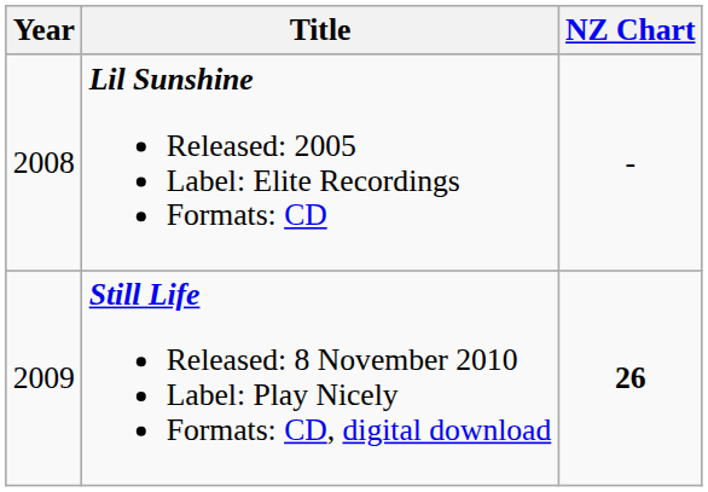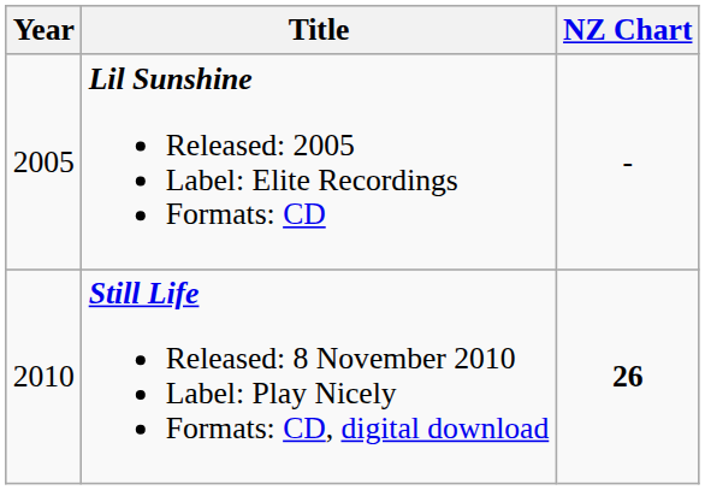 <table class="wikitable" border="1">
 <tr>
 <th>Year</th>
 <th>Title</th>
 <th><a href='#'>NZ Chart</a></th>
 </tr>
 <tr>
-<td>2008</td>
+<td>2005</td>
 <td><strong><em>Lil Sunshine</em></strong><br><ul><li>Released: 2005</li><li>Label: Elite Recordings</li><li>Formats: <a href='#'>CD</a></li></ul></td>
 <td align="center">-</td>
 </tr>
 <tr>
-<td>2009</td>
+<td>2010</td>
 <td><strong><em><a href='#'>Still Life</a></em></strong><br><ul><li>Released: 8 November 2010</li><li>Label: Play Nicely</li><li>Formats: <a href='#'>CD</a>, <a href='#'>digital download</a></li></ul></td>
 <td align="center"><strong>26</strong></td>
 </tr>
 </table>
